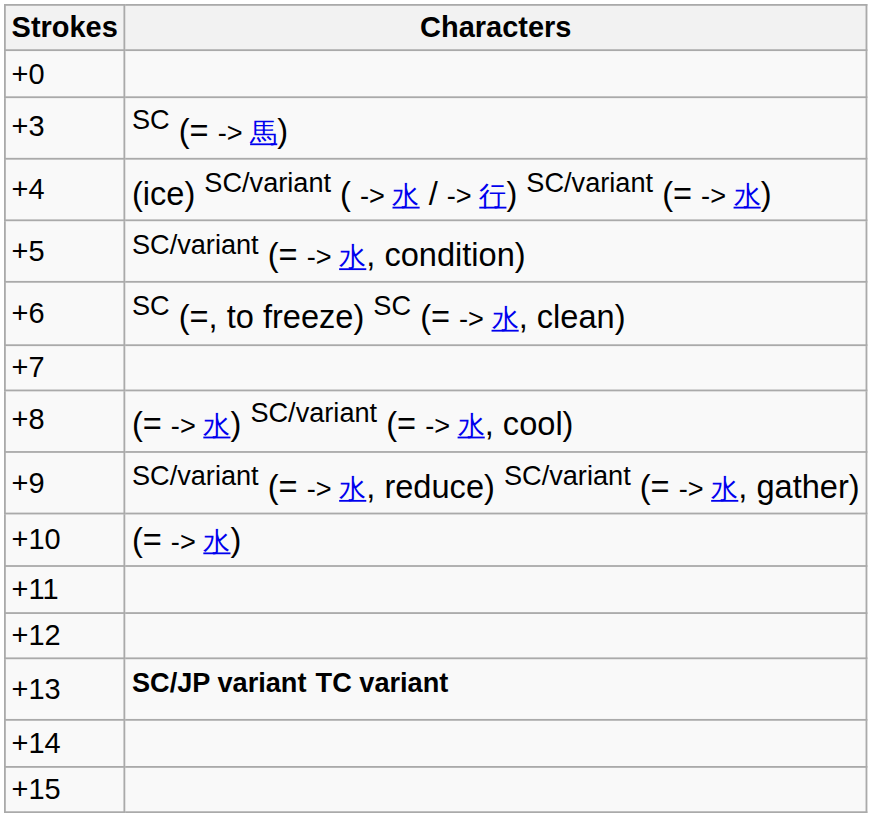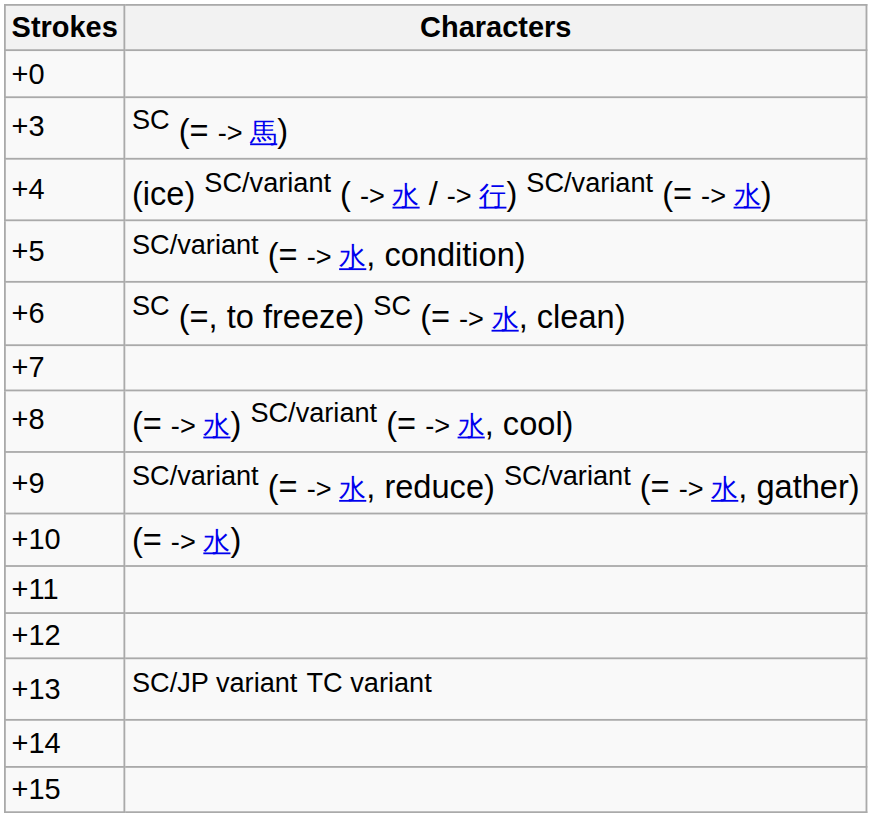 <table class="wikitable">
 <tr>
 <th>Strokes</th>
 <th>Characters</th>
 </tr>
 <tr --->
 <td>+0</td>
 <td style="font-size: large;"></td>
 </tr>
 <tr>
 <td>+3</td>
 <td style="font-size: large;">   <sup>SC</sup> (= <small>-> <a href='#'>馬</a></small>)</td>
 </tr>
 <tr>
 <td>+4</td>
 <td style="font-size: large;"> (ice)  <sup>SC/variant</sup> ( <small>-> <a href='#'>水</a></small> /  <small>-> <a href='#'>行</a></small>) <sup>SC/variant</sup> (= <small>-> <a href='#'>水</a></small>) </td>
 </tr>
 <tr>
 <td>+5</td>
 <td style="font-size: large;"><sup>SC/variant</sup> (= <small>-> <a href='#'>水</a></small>, condition)     </td>
 </tr>
 <tr>
 <td>+6</td>
 <td style="font-size: large;"><sup>SC</sup> (=, to freeze)      <sup>SC</sup> (= <small>-> <a href='#'>水</a></small>, clean)</td>
 </tr>
 <tr>
 <td>+7</td>
 <td style="font-size: large;">  </td>
 </tr>
 <tr>
 <td>+8</td>
 <td style="font-size: large;">     (= <small>-> <a href='#'>水</a></small>) <sup>SC/variant</sup> (= <small>-> <a href='#'>水</a></small>, cool)     </td>
 </tr>
 <tr>
 <td>+9</td>
 <td style="font-size: large;"><sup>SC/variant</sup> (= <small>-> <a href='#'>水</a></small>, reduce)  <sup>SC/variant</sup> (= <small>-> <a href='#'>水</a></small>, gather)</td>
 </tr>
 <tr>
 <td>+10</td>
 <td style="font-size: large;">     (= <small>-> <a href='#'>水</a></small>)</td>
 </tr>
 <tr>
 <td>+11</td>
 <td style="font-size: large;"></td>
 </tr>
 <tr>
 <td>+12</td>
 <td style="font-size: large;"></td>
 </tr>
 <tr>
 <td>+13</td>
-<td style="font-size: large;"><strong>  <sup>SC/JP variant</sup> <sup>TC variant</sup></strong></td>
+<td style="font-size: large;">  <sup>SC/JP variant</sup> <sup>TC variant</sup></td>
 </tr>
 <tr>
 <td>+14</td>
 <td style="font-size: large;"> </td>
 </tr>
 <tr>
 <td>+15</td>
 <td style="font-size: large;"></td>
 </tr>
 </table>
